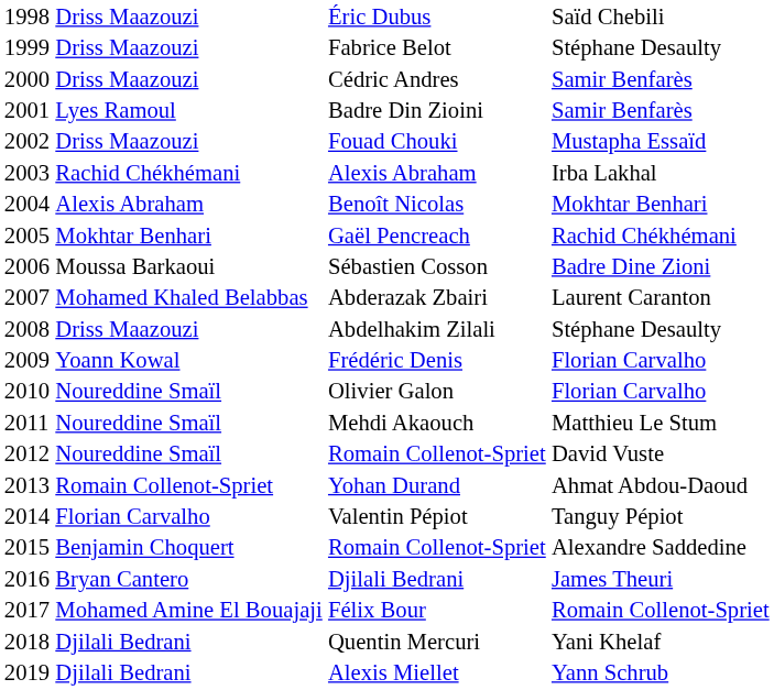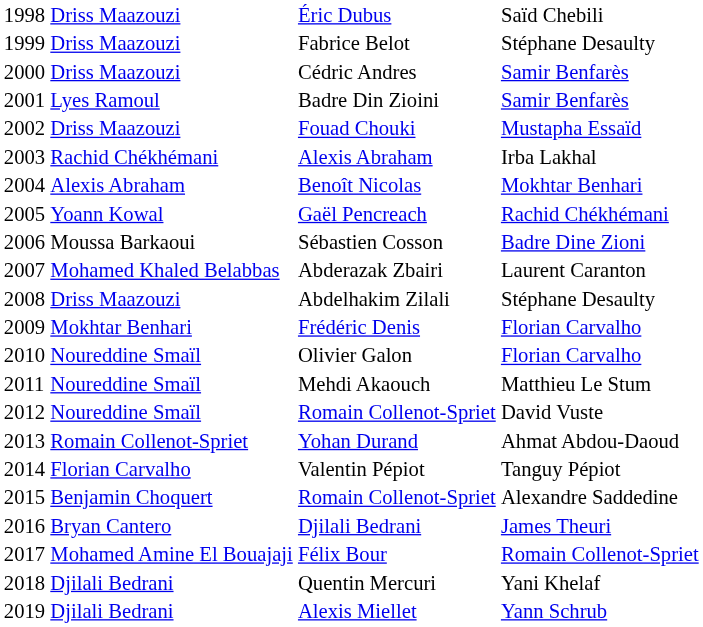 <table>
 <tr>
 <td>1998</td>
 <td><a href='#'>Driss Maazouzi</a></td>
 <td><a href='#'>Éric Dubus</a></td>
 <td>Saïd Chebili</td>
 </tr>
 <tr>
 <td>1999</td>
 <td><a href='#'>Driss Maazouzi</a></td>
 <td>Fabrice Belot</td>
 <td>Stéphane Desaulty</td>
 </tr>
 <tr>
 <td>2000</td>
 <td><a href='#'>Driss Maazouzi</a></td>
 <td>Cédric Andres</td>
 <td><a href='#'>Samir Benfarès</a></td>
 </tr>
 <tr>
 <td>2001</td>
 <td><a href='#'>Lyes Ramoul</a></td>
 <td>Badre Din Zioini</td>
 <td><a href='#'>Samir Benfarès</a></td>
 </tr>
 <tr>
 <td>2002</td>
 <td><a href='#'>Driss Maazouzi</a></td>
 <td><a href='#'>Fouad Chouki</a></td>
 <td><a href='#'>Mustapha Essaïd</a></td>
 </tr>
 <tr>
 <td>2003</td>
 <td><a href='#'>Rachid Chékhémani</a></td>
 <td><a href='#'>Alexis Abraham</a></td>
 <td>Irba Lakhal</td>
 </tr>
 <tr>
 <td>2004</td>
 <td><a href='#'>Alexis Abraham</a></td>
 <td><a href='#'>Benoît Nicolas</a></td>
 <td><a href='#'>Mokhtar Benhari</a></td>
 </tr>
 <tr>
 <td>2005</td>
-<td><a href='#'>Mokhtar Benhari</a></td>
+<td><a href='#'>Yoann Kowal</a></td>
 <td><a href='#'>Gaël Pencreach</a></td>
 <td><a href='#'>Rachid Chékhémani</a></td>
 </tr>
 <tr>
 <td>2006</td>
 <td>Moussa Barkaoui</td>
 <td>Sébastien Cosson</td>
 <td><a href='#'>Badre Dine Zioni</a></td>
 </tr>
 <tr>
 <td>2007</td>
 <td><a href='#'>Mohamed Khaled Belabbas</a></td>
 <td>Abderazak Zbairi</td>
 <td>Laurent Caranton</td>
 </tr>
 <tr>
 <td>2008</td>
 <td><a href='#'>Driss Maazouzi</a></td>
 <td>Abdelhakim Zilali</td>
 <td>Stéphane Desaulty</td>
 </tr>
 <tr>
 <td>2009</td>
-<td><a href='#'>Yoann Kowal</a></td>
+<td><a href='#'>Mokhtar Benhari</a></td>
 <td><a href='#'>Frédéric Denis</a></td>
 <td><a href='#'>Florian Carvalho</a></td>
 </tr>
 <tr>
 <td>2010</td>
 <td><a href='#'>Noureddine Smaïl</a></td>
 <td>Olivier Galon</td>
 <td><a href='#'>Florian Carvalho</a></td>
 </tr>
 <tr>
 <td>2011</td>
 <td><a href='#'>Noureddine Smaïl</a></td>
 <td>Mehdi Akaouch</td>
 <td>Matthieu Le Stum</td>
 </tr>
 <tr>
 <td>2012</td>
 <td><a href='#'>Noureddine Smaïl</a></td>
 <td><a href='#'>Romain Collenot-Spriet</a></td>
 <td>David Vuste</td>
 </tr>
 <tr>
 <td>2013</td>
 <td><a href='#'>Romain Collenot-Spriet</a></td>
 <td><a href='#'>Yohan Durand</a></td>
 <td>Ahmat Abdou-Daoud</td>
 </tr>
 <tr>
 <td>2014</td>
 <td><a href='#'>Florian Carvalho</a></td>
 <td>Valentin Pépiot</td>
 <td>Tanguy Pépiot</td>
 </tr>
 <tr>
 <td>2015</td>
 <td><a href='#'>Benjamin Choquert</a></td>
 <td><a href='#'>Romain Collenot-Spriet</a></td>
 <td>Alexandre Saddedine</td>
 </tr>
 <tr>
 <td>2016</td>
 <td><a href='#'>Bryan Cantero</a></td>
 <td><a href='#'>Djilali Bedrani</a></td>
 <td><a href='#'>James Theuri</a></td>
 </tr>
 <tr>
 <td>2017</td>
 <td><a href='#'>Mohamed Amine El Bouajaji</a></td>
 <td><a href='#'>Félix Bour</a></td>
 <td><a href='#'>Romain Collenot-Spriet</a></td>
 </tr>
 <tr>
 <td>2018</td>
 <td><a href='#'>Djilali Bedrani</a></td>
 <td>Quentin Mercuri</td>
 <td>Yani Khelaf</td>
 </tr>
 <tr>
 <td>2019</td>
 <td><a href='#'>Djilali Bedrani</a></td>
 <td><a href='#'>Alexis Miellet</a></td>
 <td><a href='#'>Yann Schrub</a></td>
 </tr>
 </table>
